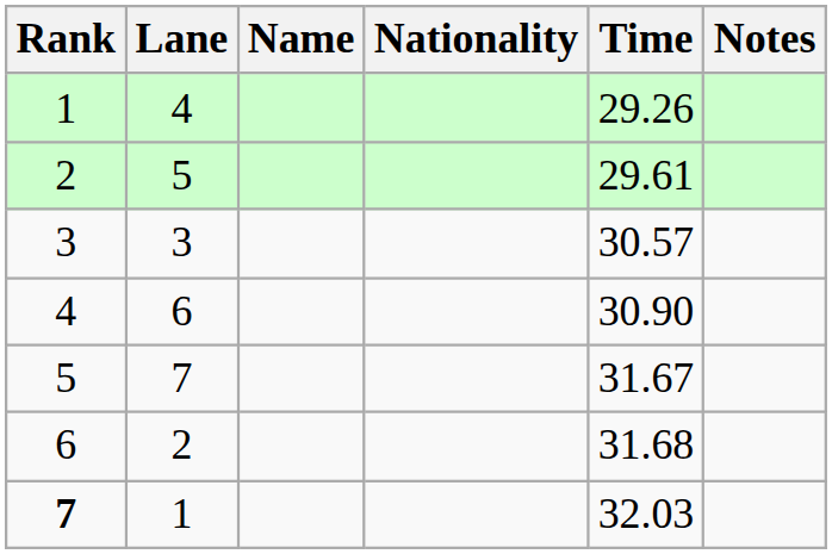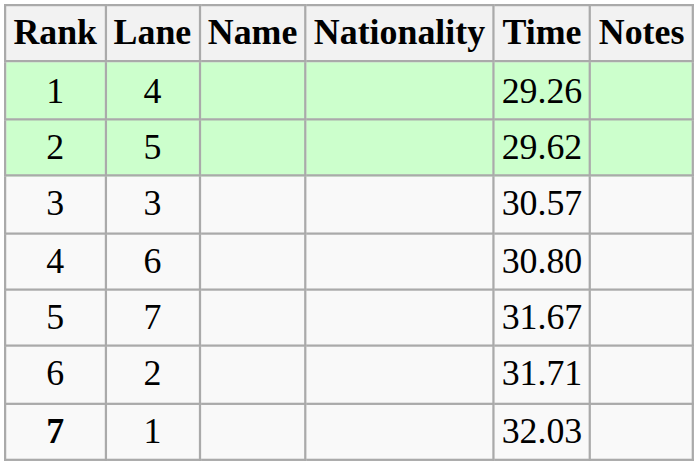 <table class="wikitable sortable" style="text-align:center">
 <tr>
 <th>Rank</th>
 <th>Lane</th>
 <th>Name</th>
 <th>Nationality</th>
 <th>Time</th>
 <th>Notes</th>
 </tr>
 <tr bgcolor=ccffcc>
 <td>1</td>
 <td>4</td>
 <td align=left></td>
 <td align=left></td>
 <td>29.26</td>
 <td><strong></strong></td>
 </tr>
 <tr bgcolor=ccffcc>
 <td>2</td>
 <td>5</td>
 <td align=left></td>
 <td align=left></td>
-<td>29.61</td>
+<td>29.62</td>
 <td><strong></strong></td>
 </tr>
 <tr>
 <td>3</td>
 <td>3</td>
 <td align=left></td>
 <td align=left></td>
 <td>30.57</td>
 <td></td>
 </tr>
 <tr>
 <td>4</td>
 <td>6</td>
 <td align=left></td>
 <td align=left></td>
-<td>30.90</td>
+<td>30.80</td>
 <td></td>
 </tr>
 <tr>
 <td>5</td>
 <td>7</td>
 <td align=left></td>
 <td align=left></td>
 <td>31.67</td>
 <td></td>
 </tr>
 <tr>
 <td>6</td>
 <td>2</td>
 <td align=left></td>
 <td align=left></td>
-<td>31.68</td>
+<td>31.71</td>
 <td></td>
 </tr>
 <tr>
 <td><strong>7</strong></td>
 <td>1</td>
 <td align=left></td>
 <td align=left></td>
 <td>32.03</td>
 <td></td>
 </tr>
 </table>
